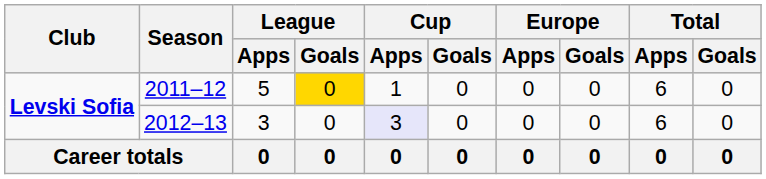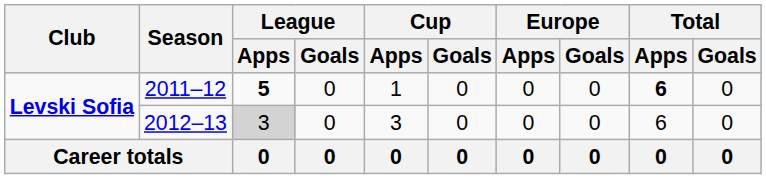 <table class="wikitable" style="font-size:90%; text-align: center;">
 <tr>
 <th rowspan="2">Club</th>
 <th rowspan="2">Season</th>
 <th colspan="2">League</th>
 <th colspan="2">Cup</th>
 <th colspan="2">Europe</th>
 <th colspan="2">Total</th>
 </tr>
 <tr>
 <th>Apps</th>
 <th>Goals</th>
 <th>Apps</th>
 <th>Goals</th>
 <th>Apps</th>
 <th>Goals</th>
 <th>Apps</th>
 <th>Goals</th>
 </tr>
 <tr>
 <td rowspan="2" valign="center"><strong><a href='#'>Levski Sofia</a></strong></td>
 <td><a href='#'>2011–12</a></td>
-<td>5</td>
-<td style="background: gold;">0</td>
+<td><strong>5</strong></td>
+<td>0</td>
 <td>1</td>
 <td>0</td>
 <td>0</td>
 <td>0</td>
-<td>6</td>
+<td><strong>6</strong></td>
 <td>0</td>
 </tr>
 <tr>
 <td><a href='#'>2012–13</a></td>
+<td style="background: lightgrey;">3</td>
+<td>0</td>
 <td>3</td>
-<td>0</td>
-<td style="background: lavender;">3</td>
 <td>0</td>
 <td>0</td>
 <td>0</td>
 <td>6</td>
 <td>0</td>
 </tr>
 <tr>
 <th colspan="2">Career totals</th>
 <th>0</th>
 <th>0</th>
 <th>0</th>
 <th>0</th>
 <th>0</th>
 <th>0</th>
 <th>0</th>
 <th>0</th>
 </tr>
 </table>
